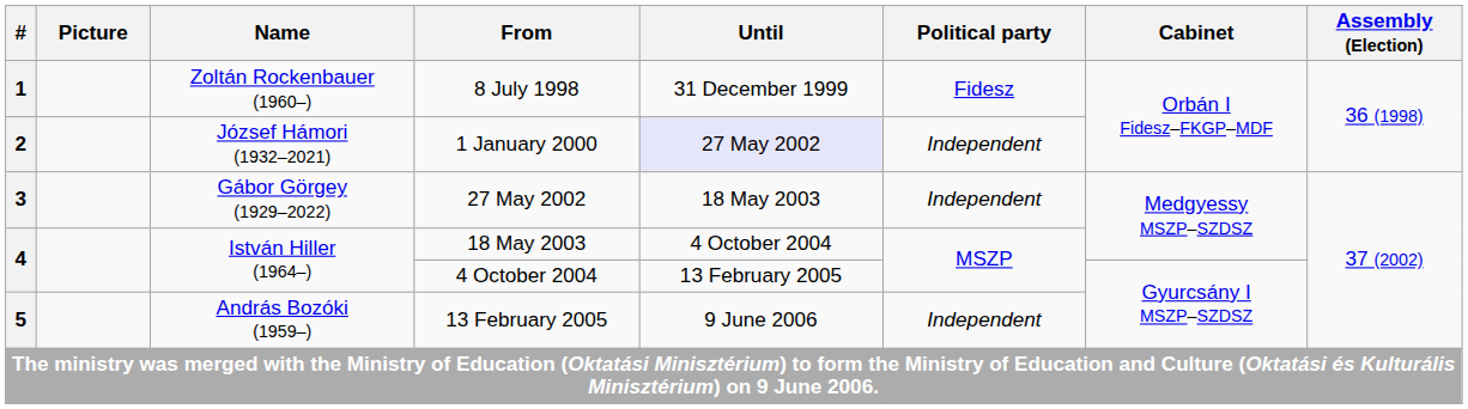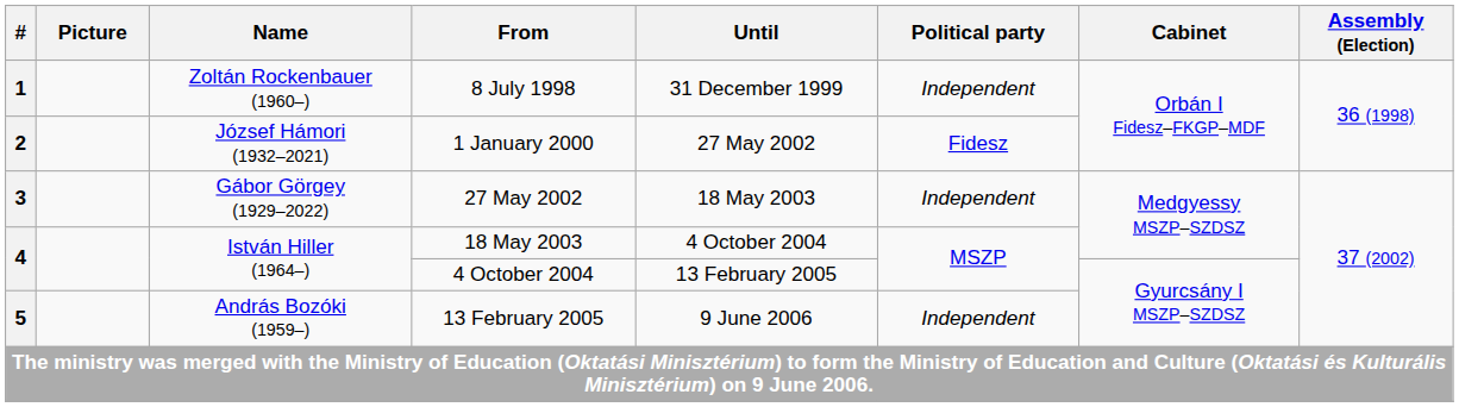 <table width=90% class="wikitable" style="text-align:center">
 <tr>
 <th>#</th>
 <th>Picture</th>
 <th>Name</th>
 <th>From</th>
 <th>Until</th>
 <th>Political party</th>
 <th>Cabinet</th>
 <th><a href='#'>Assembly</a><br><small>(Election)</small></th>
 </tr>
 <tr>
 <th style="background:">1</th>
 <td></td>
 <td><a href='#'>Zoltán Rockenbauer</a><br><small>(1960–)</small></td>
 <td>8 July 1998</td>
 <td>31 December 1999</td>
-<td><a href='#'>Fidesz</a></td>
+<td><em>Independent</em></td>
 <td rowspan="2"><a href='#'>Orbán I</a><br><small><a href='#'>Fidesz</a>–<a href='#'>FKGP</a>–<a href='#'>MDF</a></small></td>
 <td rowspan="2"><a href='#'>36 <small>(1998)</small></a></td>
 </tr>
 <tr>
 <th style="background:">2</th>
 <td></td>
 <td><a href='#'>József Hámori</a><br><small>(1932–2021)</small></td>
 <td>1 January 2000</td>
-<td style="background: lavender;">27 May 2002</td>
-<td><em>Independent</em></td>
+<td>27 May 2002</td>
+<td><a href='#'>Fidesz</a></td>
 </tr>
 <tr>
 <th style="background:">3</th>
 <td></td>
 <td><a href='#'>Gábor Görgey</a><br><small>(1929–2022)</small></td>
 <td>27 May 2002</td>
 <td>18 May 2003</td>
 <td><em>Independent</em></td>
 <td rowspan="2"><a href='#'>Medgyessy</a><br><small><a href='#'>MSZP</a>–<a href='#'>SZDSZ</a></small></td>
 <td rowspan="4"><a href='#'>37 <small>(2002)</small></a></td>
 </tr>
 <tr>
 <th rowspan="2" style="background:">4</th>
 <td rowspan="2"></td>
 <td rowspan="2"><a href='#'>István Hiller</a><br><small>(1964–)</small></td>
 <td>18 May 2003</td>
 <td>4 October 2004</td>
 <td rowspan="2"><a href='#'>MSZP</a></td>
 </tr>
 <tr>
 <td>4 October 2004</td>
 <td>13 February 2005</td>
 <td rowspan="2"><a href='#'>Gyurcsány I</a><br><small><a href='#'>MSZP</a>–<a href='#'>SZDSZ</a></small></td>
 </tr>
 <tr>
 <th style="background:">5</th>
 <td></td>
 <td><a href='#'>András Bozóki</a><br><small>(1959–)</small></td>
 <td>13 February 2005</td>
 <td>9 June 2006</td>
 <td><em>Independent</em></td>
 </tr>
 <tr>
 <th colspan="8" style="background-color:#ACACAC; color:white">The ministry was merged with the Ministry of Education (<em>Oktatási Minisztérium</em>) to form the Ministry of Education and Culture (<em>Oktatási és Kulturális Minisztérium</em>) on 9 June 2006.</th>
 </tr>
 <tr>
 </tr>
 </table>
